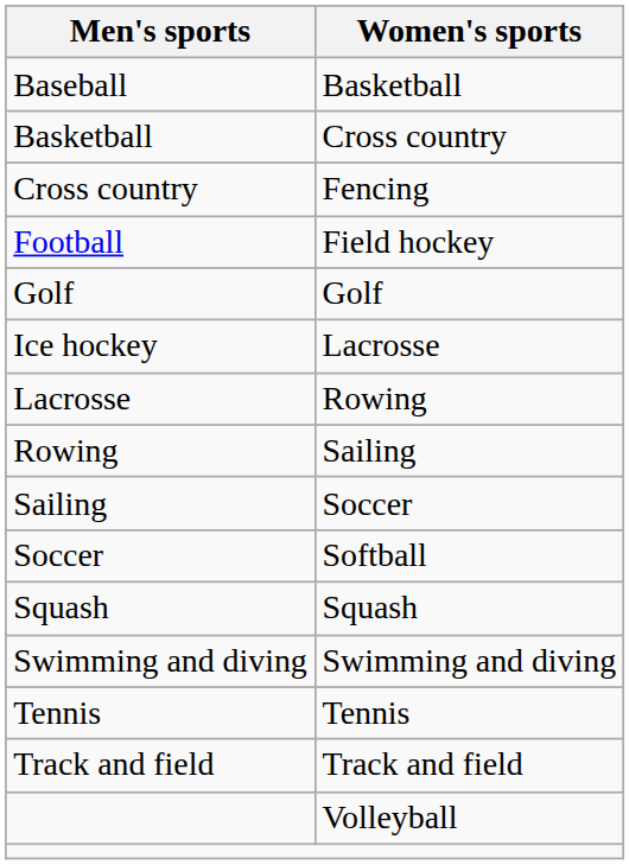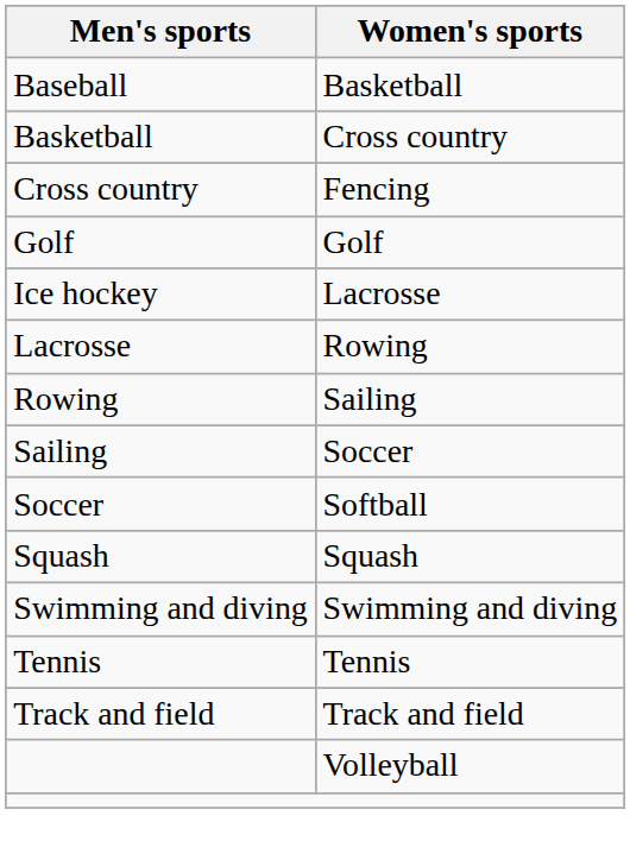 <table class="wikitable">
 <tr>
 <th width=px>Men's sports</th>
 <th width=px>Women's sports</th>
 </tr>
 <tr>
 <td>Baseball</td>
 <td>Basketball</td>
 </tr>
 <tr>
 <td>Basketball</td>
 <td>Cross country</td>
 </tr>
 <tr>
 <td>Cross country</td>
 <td>Fencing</td>
-</tr>
-<tr>
-<td><a href='#'>Football</a></td>
-<td>Field hockey</td>
 </tr>
 <tr>
 <td>Golf</td>
 <td>Golf</td>
 </tr>
 <tr>
 <td>Ice hockey</td>
 <td>Lacrosse</td>
 </tr>
 <tr>
 <td>Lacrosse</td>
 <td>Rowing</td>
 </tr>
 <tr>
 <td>Rowing</td>
 <td>Sailing</td>
 </tr>
 <tr>
 <td>Sailing</td>
 <td>Soccer</td>
 </tr>
 <tr>
 <td>Soccer</td>
 <td>Softball</td>
 </tr>
 <tr>
 <td>Squash</td>
 <td>Squash</td>
 </tr>
 <tr>
 <td>Swimming and diving</td>
 <td>Swimming and diving</td>
 </tr>
 <tr>
 <td>Tennis</td>
 <td>Tennis</td>
 </tr>
 <tr>
 <td>Track and field</td>
 <td>Track and field</td>
 </tr>
 <tr>
 <td></td>
 <td>Volleyball</td>
 </tr>
 <tr>
 <td colspan="2"></td>
 </tr>
 </table>
